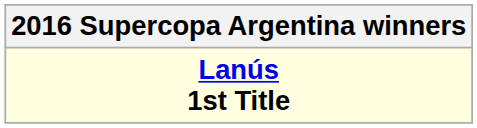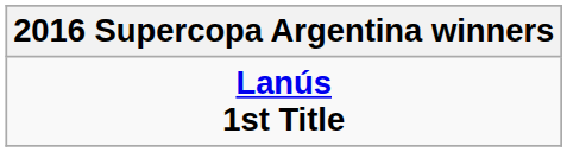 <table class="wikitable" style="text-align: center; margin: 0 auto;">
 <tr>
 <th>2016 Supercopa Argentina winners</th>
 </tr>
 <tr>
-<td style="background: lightyellow;"><strong><a href='#'>Lanús</a></strong><br><strong>1st Title</strong></td>
+<td><strong><a href='#'>Lanús</a></strong><br><strong>1st Title</strong></td>
 </tr>
 </table>
